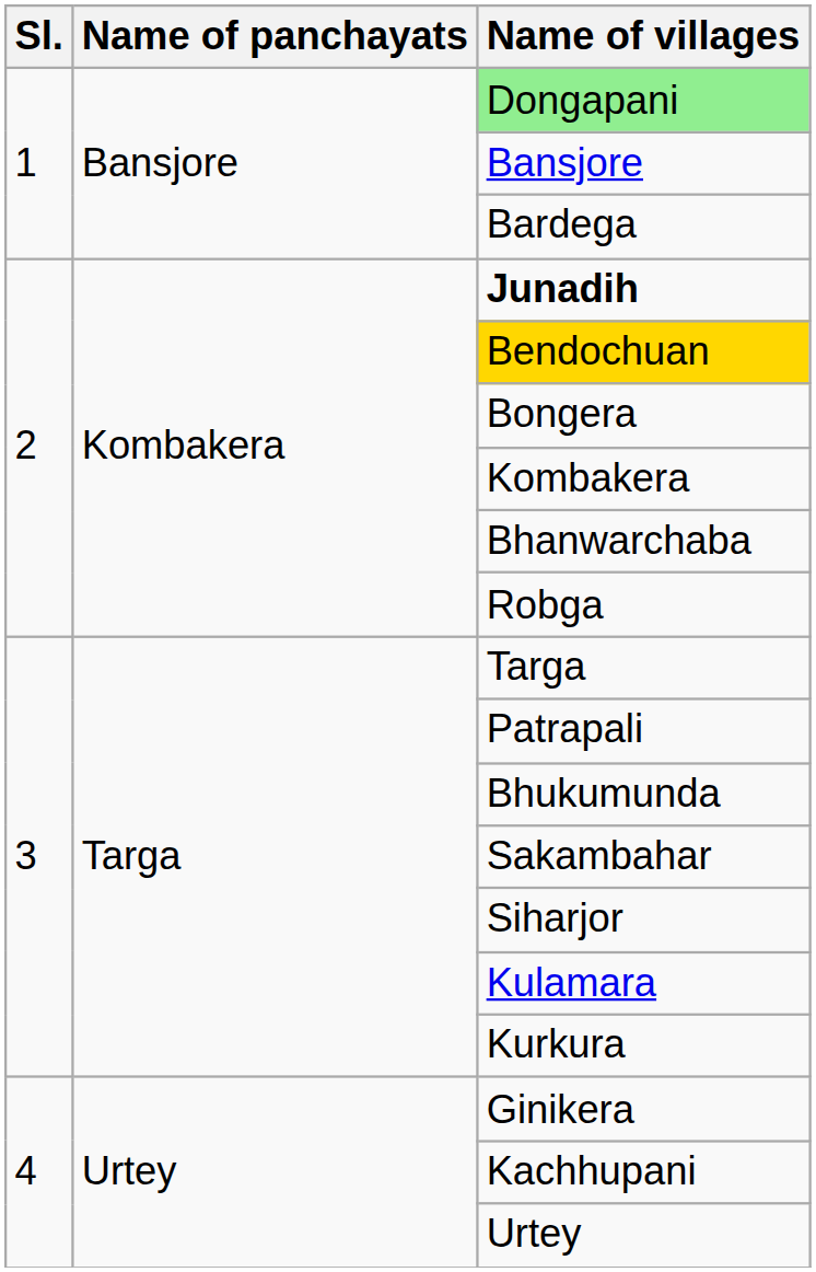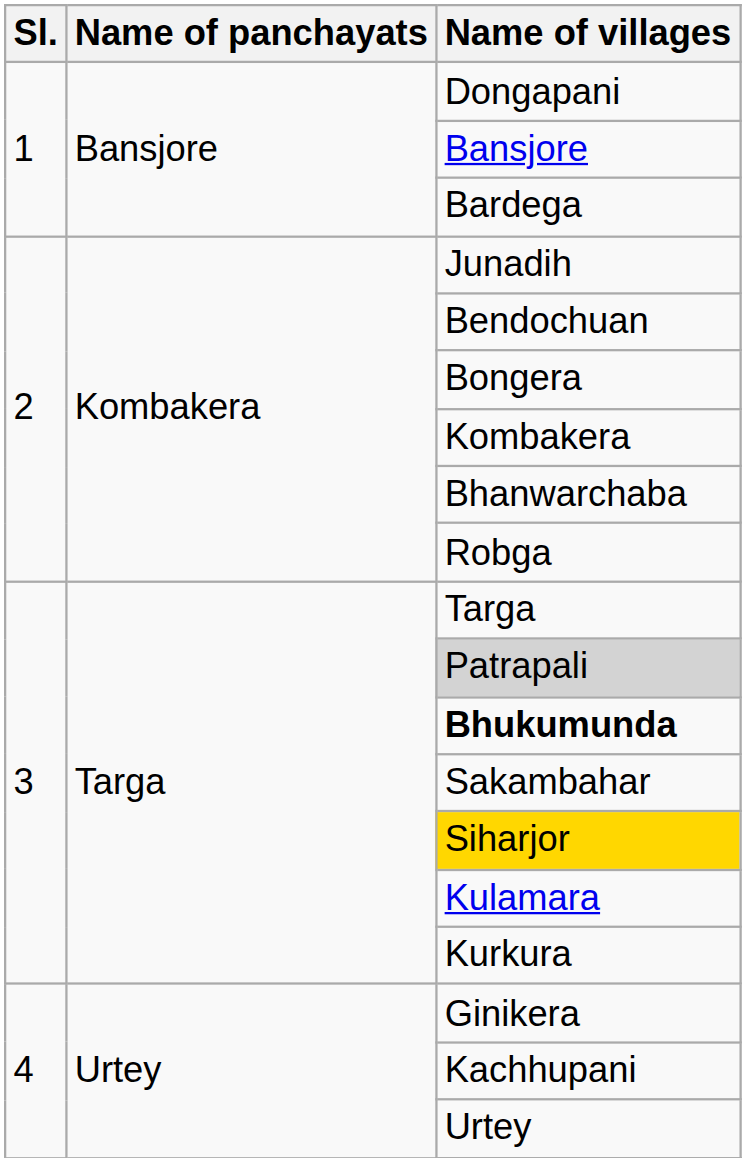 <table class="wikitable plainrowheaders sortable">
 <tr>
 <th scope="col">Sl.</th>
 <th scope="col">Name of panchayats</th>
 <th scope="col">Name of villages</th>
 </tr>
 <tr>
 <td rowspan="3">1</td>
 <td rowspan="3">Bansjore</td>
-<td style="background: lightgreen;">Dongapani</td>
+<td>Dongapani</td>
 </tr>
 <tr>
 <td><a href='#'>Bansjore</a></td>
 </tr>
 <tr>
 <td>Bardega</td>
 </tr>
 <tr>
 <td rowspan="6">2</td>
 <td rowspan="6">Kombakera</td>
-<td><strong>Junadih</strong></td>
+<td>Junadih</td>
 </tr>
 <tr>
-<td style="background: gold;">Bendochuan</td>
+<td>Bendochuan</td>
 </tr>
 <tr>
 <td>Bongera</td>
 </tr>
 <tr>
 <td>Kombakera</td>
 </tr>
 <tr>
 <td>Bhanwarchaba</td>
 </tr>
 <tr>
 <td>Robga</td>
 </tr>
 <tr>
 <td rowspan="7">3</td>
 <td rowspan="7">Targa</td>
 <td>Targa</td>
 </tr>
 <tr>
-<td>Patrapali</td>
+<td style="background: lightgrey;">Patrapali</td>
 </tr>
 <tr>
-<td>Bhukumunda</td>
+<td><strong>Bhukumunda</strong></td>
 </tr>
 <tr>
 <td>Sakambahar</td>
 </tr>
 <tr>
-<td>Siharjor</td>
+<td style="background: gold;">Siharjor</td>
 </tr>
 <tr>
 <td><a href='#'>Kulamara</a></td>
 </tr>
 <tr>
 <td>Kurkura</td>
 </tr>
 <tr>
 <td rowspan="11">4</td>
 <td rowspan="11">Urtey</td>
 <td>Ginikera</td>
 </tr>
 <tr>
 <td>Kachhupani</td>
 </tr>
 <tr>
 <td>Urtey</td>
 </tr>
 <tr>
 </tr>
 </table>
